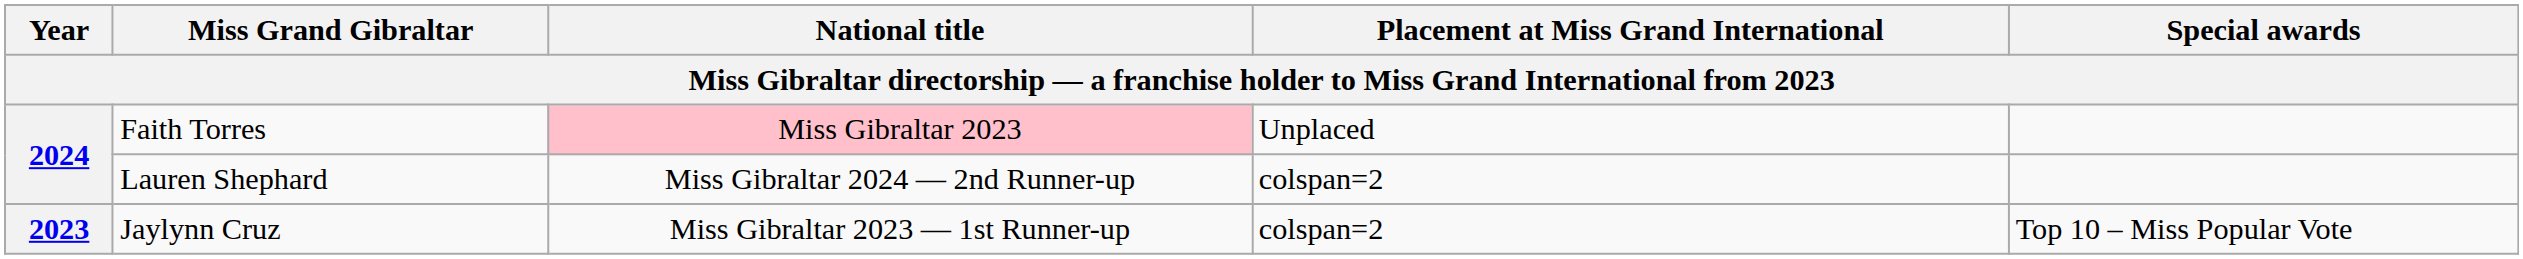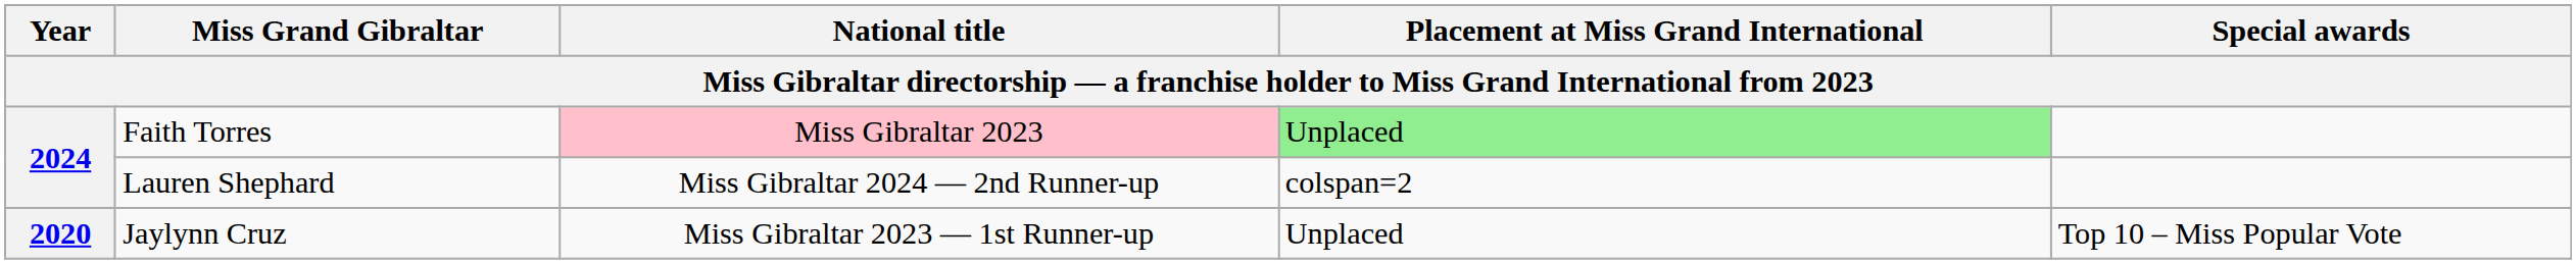 <table class="wikitable " style="font-size: 95%; width:100%">
 <tr>
 <th>Year</th>
 <th>Miss Grand Gibraltar</th>
 <th>National title</th>
 <th>Placement at Miss Grand International</th>
 <th>Special awards</th>
 </tr>
 <tr>
 <th colspan="5">Miss Gibraltar directorship — a franchise holder to Miss Grand International from 2023</th>
 </tr>
 <tr>
 <th rowspan=2><a href='#'>2024</a></th>
 <td>Faith Torres</td>
 <td align="center" style="background: pink;">Miss Gibraltar 2023</td>
-<td>Unplaced</td>
+<td style="background: lightgreen;">Unplaced</td>
 <td></td>
 </tr>
 <tr>
 <td>Lauren Shephard</td>
 <td align="center">Miss Gibraltar 2024 — 2nd Runner-up</td>
 <td>colspan=2 </td>
 </tr>
 <tr>
-<th><a href='#'>2023</a></th>
+<th><a href='#'>2020</a></th>
 <td>Jaylynn Cruz</td>
 <td align="center">Miss Gibraltar 2023 — 1st Runner-up</td>
-<td>colspan=2 </td>
+<td>Unplaced</td>
 <td>Top 10 – Miss Popular Vote</td>
 </tr>
 </table>
